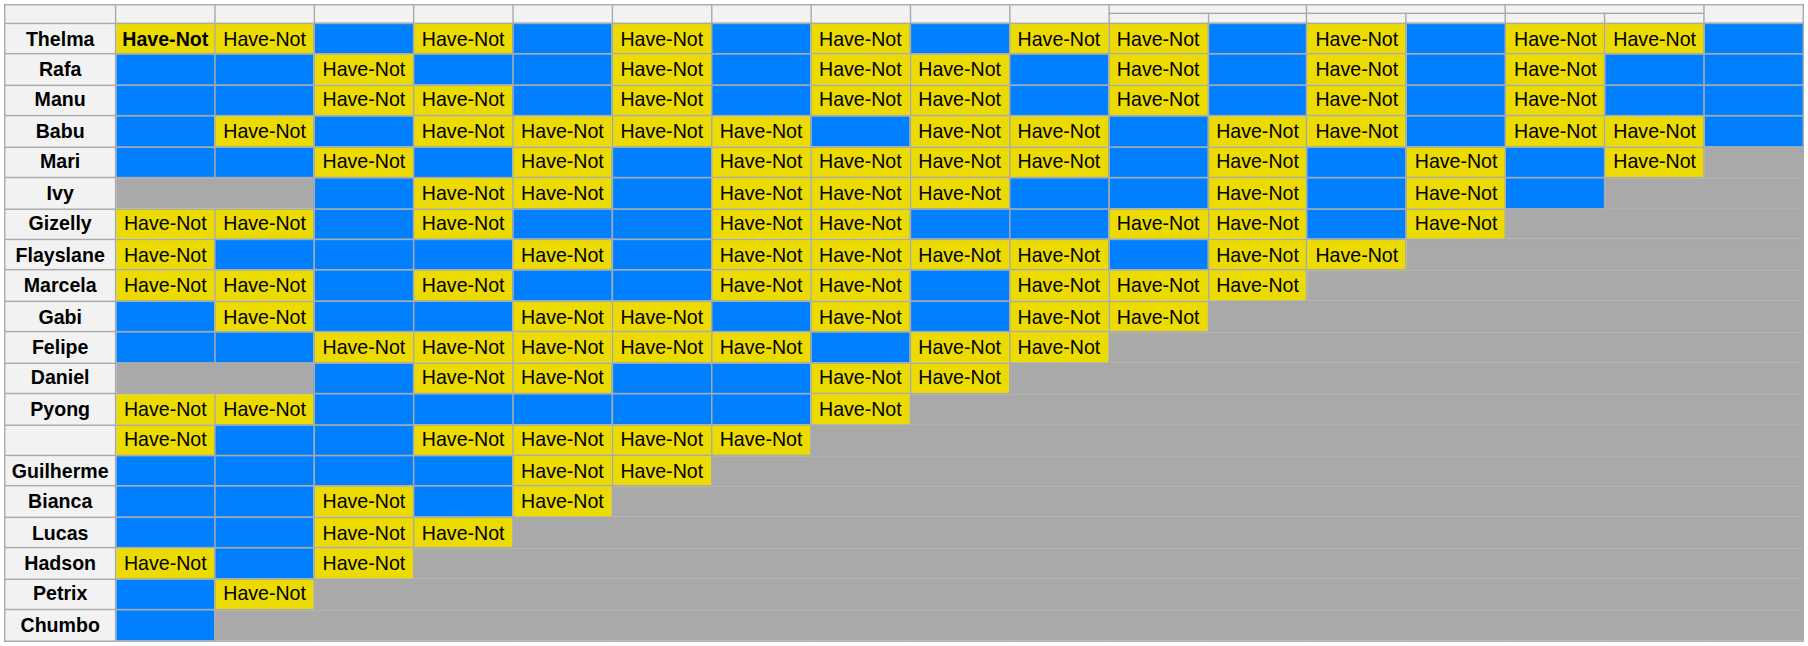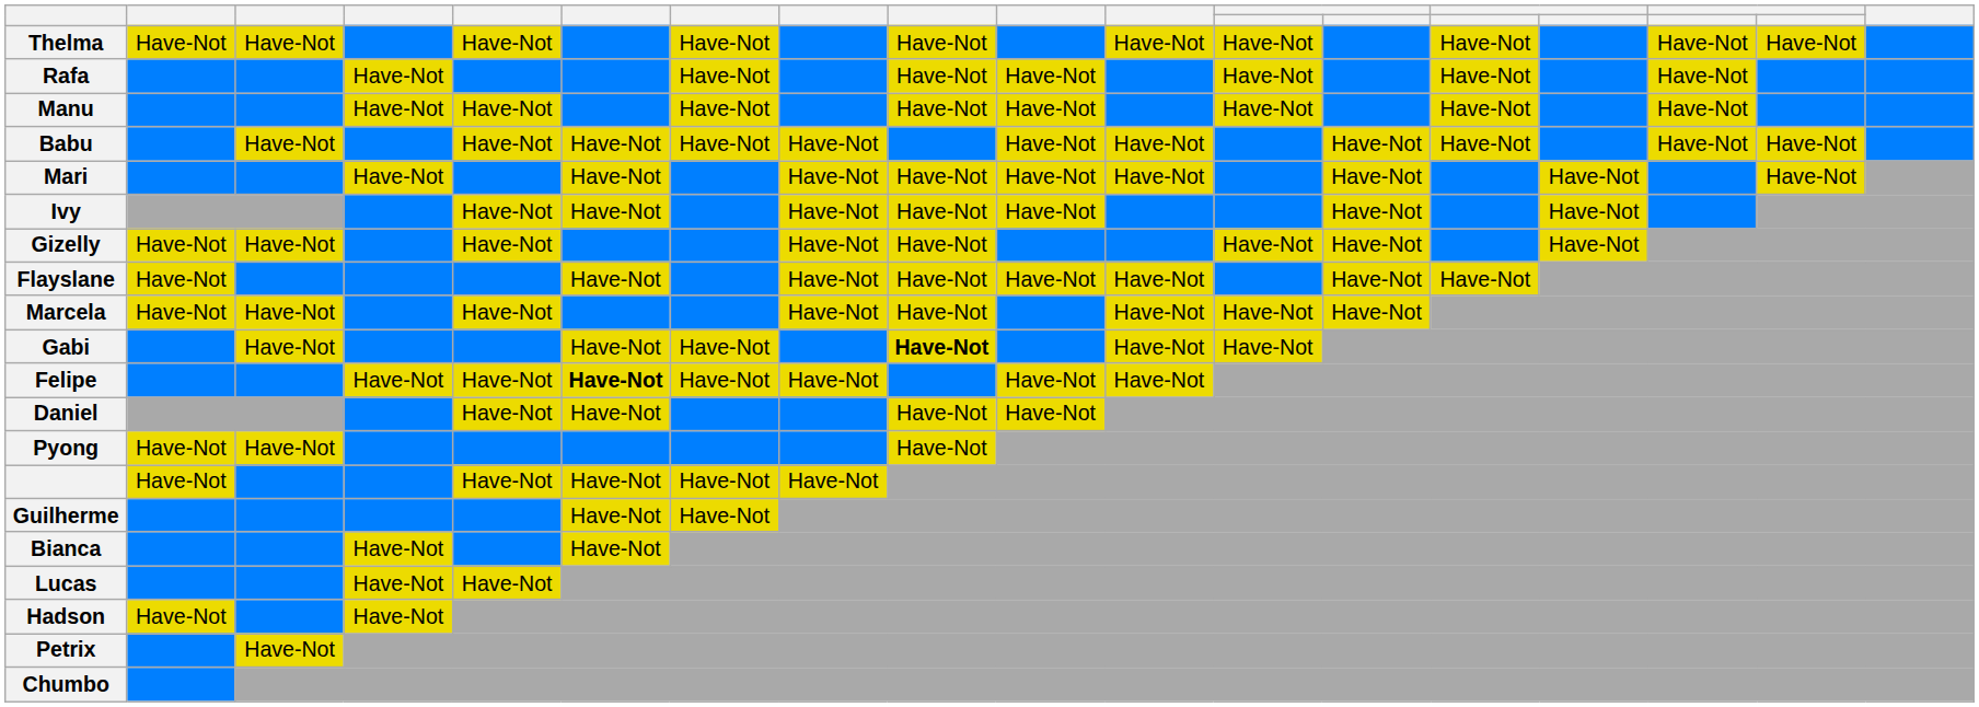 <table class="wikitable" style="text-align:center; font-size:85%; ">
 <tr>
 <th rowspan=2 width=05.25%></th>
 <th rowspan=2 width=05.25%></th>
 <th rowspan=2 width=05.25%></th>
 <th rowspan=2 width=05.25%></th>
 <th rowspan=2 width=05.25%></th>
 <th rowspan=2 width=05.25%></th>
 <th rowspan=2 width=05.25%></th>
 <th rowspan=2 width=05.25%></th>
 <th rowspan=2 width=05.25%></th>
 <th rowspan=2 width=05.25%></th>
 <th rowspan=2 width=05.25%></th>
 <th colspan=2 width=10.50%></th>
 <th colspan=2 width=10.50%></th>
 <th colspan=2 width=10.50%></th>
 <th rowspan=2 width=05.25%></th>
 </tr>
 <tr>
 <th width=5.25%></th>
 <th width=5.25%></th>
 <th width=5.25%></th>
 <th width=5.25%></th>
 <th width=5.25%></th>
 <th width=5.25%></th>
 </tr>
 <tr>
 <th>Thelma</th>
-<td bgcolor=ECDB00><strong>Have-Not</strong></td>
+<td bgcolor=ECDB00>Have-Not</td>
 <td bgcolor=ECDB00>Have-Not</td>
 <td bgcolor=007FFF></td>
 <td bgcolor=ECDB00>Have-Not</td>
 <td bgcolor=007FFF></td>
 <td bgcolor=ECDB00>Have-Not</td>
 <td bgcolor=007FFF></td>
 <td bgcolor=ECDB00>Have-Not</td>
 <td bgcolor=007FFF></td>
 <td bgcolor=ECDB00>Have-Not</td>
 <td bgcolor=ECDB00>Have-Not</td>
 <td bgcolor=007FFF></td>
 <td bgcolor=ECDB00>Have-Not</td>
 <td bgcolor=007FFF></td>
 <td bgcolor=ECDB00>Have-Not</td>
 <td bgcolor=ECDB00>Have-Not</td>
 <td bgcolor=007FFF></td>
 </tr>
 <tr>
 <th>Rafa</th>
 <td bgcolor=007FFF></td>
 <td bgcolor=007FFF></td>
 <td bgcolor=ECDB00>Have-Not</td>
 <td bgcolor=007FFF></td>
 <td bgcolor=007FFF></td>
 <td bgcolor=ECDB00>Have-Not</td>
 <td bgcolor=007FFF></td>
 <td bgcolor=ECDB00>Have-Not</td>
 <td bgcolor=ECDB00>Have-Not</td>
 <td bgcolor=007FFF></td>
 <td bgcolor=ECDB00>Have-Not</td>
 <td bgcolor=007FFF></td>
 <td bgcolor=ECDB00>Have-Not</td>
 <td bgcolor=007FFF></td>
 <td bgcolor=ECDB00>Have-Not</td>
 <td bgcolor=007FFF></td>
 <td bgcolor=007FFF></td>
 </tr>
 <tr>
 <th>Manu</th>
 <td bgcolor=007FFF></td>
 <td bgcolor=007FFF></td>
 <td bgcolor=ECDB00>Have-Not</td>
 <td bgcolor=ECDB00>Have-Not</td>
 <td bgcolor=007FFF></td>
 <td bgcolor=ECDB00>Have-Not</td>
 <td bgcolor=007FFF></td>
 <td bgcolor=ECDB00>Have-Not</td>
 <td bgcolor=ECDB00>Have-Not</td>
 <td bgcolor=007FFF></td>
 <td bgcolor=ECDB00>Have-Not</td>
 <td bgcolor=007FFF></td>
 <td bgcolor=ECDB00>Have-Not</td>
 <td bgcolor=007FFF></td>
 <td bgcolor=ECDB00>Have-Not</td>
 <td bgcolor=007FFF></td>
 <td bgcolor=007FFF></td>
 </tr>
 <tr>
 <th>Babu</th>
 <td bgcolor=007FFF></td>
 <td bgcolor=ECDB00>Have-Not</td>
 <td bgcolor=007FFF></td>
 <td bgcolor=ECDB00>Have-Not</td>
 <td bgcolor=ECDB00>Have-Not</td>
 <td bgcolor=ECDB00>Have-Not</td>
 <td bgcolor=ECDB00>Have-Not</td>
 <td bgcolor=007FFF></td>
 <td bgcolor=ECDB00>Have-Not</td>
 <td bgcolor=ECDB00>Have-Not</td>
 <td bgcolor=007FFF></td>
 <td bgcolor=ECDB00>Have-Not</td>
 <td bgcolor=ECDB00>Have-Not</td>
 <td bgcolor=007FFF></td>
 <td bgcolor=ECDB00>Have-Not</td>
 <td bgcolor=ECDB00>Have-Not</td>
 <td bgcolor=007FFF></td>
 </tr>
 <tr>
 <th>Mari</th>
 <td bgcolor=007FFF></td>
 <td bgcolor=007FFF></td>
 <td bgcolor=ECDB00>Have-Not</td>
 <td bgcolor=007FFF></td>
 <td bgcolor=ECDB00>Have-Not</td>
 <td bgcolor=007FFF></td>
 <td bgcolor=ECDB00>Have-Not</td>
 <td bgcolor=ECDB00>Have-Not</td>
 <td bgcolor=ECDB00>Have-Not</td>
 <td bgcolor=ECDB00>Have-Not</td>
 <td bgcolor=007FFF></td>
 <td bgcolor=ECDB00>Have-Not</td>
 <td bgcolor=007FFF></td>
 <td bgcolor=ECDB00>Have-Not</td>
 <td bgcolor=007FFF></td>
 <td bgcolor=ECDB00>Have-Not</td>
 <td bgcolor=A9A9A9 colspan=2></td>
 </tr>
 <tr>
 <th>Ivy</th>
 <td bgcolor=A9A9A9 colspan=2></td>
 <td bgcolor=007FFF></td>
 <td bgcolor=ECDB00>Have-Not</td>
 <td bgcolor=ECDB00>Have-Not</td>
 <td bgcolor=007FFF></td>
 <td bgcolor=ECDB00>Have-Not</td>
 <td bgcolor=ECDB00>Have-Not</td>
 <td bgcolor=ECDB00>Have-Not</td>
 <td bgcolor=007FFF></td>
 <td bgcolor=007FFF></td>
 <td bgcolor=ECDB00>Have-Not</td>
 <td bgcolor=007FFF></td>
 <td bgcolor=ECDB00>Have-Not</td>
 <td bgcolor=007FFF></td>
 <td bgcolor=A9A9A9 colspan=3></td>
 </tr>
 <tr>
 <th>Gizelly</th>
 <td bgcolor=ECDB00>Have-Not</td>
 <td bgcolor=ECDB00>Have-Not</td>
 <td bgcolor=007FFF></td>
 <td bgcolor=ECDB00>Have-Not</td>
 <td bgcolor=007FFF></td>
 <td bgcolor=007FFF></td>
 <td bgcolor=ECDB00>Have-Not</td>
 <td bgcolor=ECDB00>Have-Not</td>
 <td bgcolor=007FFF></td>
 <td bgcolor=007FFF></td>
 <td bgcolor=ECDB00>Have-Not</td>
 <td bgcolor=ECDB00>Have-Not</td>
 <td bgcolor=007FFF></td>
 <td bgcolor=ECDB00>Have-Not</td>
 <td bgcolor=A9A9A9 colspan=4></td>
 </tr>
 <tr>
 <th>Flayslane</th>
 <td bgcolor=ECDB00>Have-Not</td>
 <td bgcolor=007FFF></td>
 <td bgcolor=007FFF></td>
 <td bgcolor=007FFF></td>
 <td bgcolor=ECDB00>Have-Not</td>
 <td bgcolor=007FFF></td>
 <td bgcolor=ECDB00>Have-Not</td>
 <td bgcolor=ECDB00>Have-Not</td>
 <td bgcolor=ECDB00>Have-Not</td>
 <td bgcolor=ECDB00>Have-Not</td>
 <td bgcolor=007FFF></td>
 <td bgcolor=ECDB00>Have-Not</td>
 <td bgcolor=ECDB00>Have-Not</td>
 <td bgcolor=A9A9A9 colspan=5></td>
 </tr>
 <tr>
 <th>Marcela</th>
 <td bgcolor=ECDB00>Have-Not</td>
 <td bgcolor=ECDB00>Have-Not</td>
 <td bgcolor=007FFF></td>
 <td bgcolor=ECDB00>Have-Not</td>
 <td bgcolor=007FFF></td>
 <td bgcolor=007FFF></td>
 <td bgcolor=ECDB00>Have-Not</td>
 <td bgcolor=ECDB00>Have-Not</td>
 <td bgcolor=007FFF></td>
 <td bgcolor=ECDB00>Have-Not</td>
 <td bgcolor=ECDB00>Have-Not</td>
 <td bgcolor=ECDB00>Have-Not</td>
 <td bgcolor=A9A9A9 colspan=6></td>
 </tr>
 <tr>
 <th>Gabi</th>
 <td bgcolor=007FFF></td>
 <td bgcolor=ECDB00>Have-Not</td>
 <td bgcolor=007FFF></td>
 <td bgcolor=007FFF></td>
 <td bgcolor=ECDB00>Have-Not</td>
 <td bgcolor=ECDB00>Have-Not</td>
 <td bgcolor=007FFF></td>
-<td bgcolor=ECDB00>Have-Not</td>
+<td bgcolor=ECDB00><strong>Have-Not</strong></td>
 <td bgcolor=007FFF></td>
 <td bgcolor=ECDB00>Have-Not</td>
 <td bgcolor=ECDB00>Have-Not</td>
 <td bgcolor=A9A9A9 colspan=7></td>
 </tr>
 <tr>
 <th>Felipe</th>
 <td bgcolor=007FFF></td>
 <td bgcolor=007FFF></td>
 <td bgcolor=ECDB00>Have-Not</td>
 <td bgcolor=ECDB00>Have-Not</td>
-<td bgcolor=ECDB00>Have-Not</td>
+<td bgcolor=ECDB00><strong>Have-Not</strong></td>
 <td bgcolor=ECDB00>Have-Not</td>
 <td bgcolor=ECDB00>Have-Not</td>
 <td bgcolor=007FFF></td>
 <td bgcolor=ECDB00>Have-Not</td>
 <td bgcolor=ECDB00>Have-Not</td>
 <td bgcolor=A9A9A9 colspan=8></td>
 </tr>
 <tr>
 <th>Daniel</th>
 <td bgcolor=A9A9A9 colspan=2></td>
 <td bgcolor=007FFF></td>
 <td bgcolor=ECDB00>Have-Not</td>
 <td bgcolor=ECDB00>Have-Not</td>
 <td bgcolor=007FFF></td>
 <td bgcolor=007FFF></td>
 <td bgcolor=ECDB00>Have-Not</td>
 <td bgcolor=ECDB00>Have-Not</td>
 <td bgcolor=A9A9A9 colspan=9></td>
 </tr>
 <tr>
 <th>Pyong</th>
 <td bgcolor=ECDB00>Have-Not</td>
 <td bgcolor=ECDB00>Have-Not</td>
 <td bgcolor=007FFF></td>
 <td bgcolor=007FFF></td>
 <td bgcolor=007FFF></td>
 <td bgcolor=007FFF></td>
 <td bgcolor=007FFF></td>
 <td bgcolor=ECDB00>Have-Not</td>
 <td bgcolor=A9A9A9 colspan=10></td>
 </tr>
 <tr>
 <th></th>
 <td bgcolor=ECDB00>Have-Not</td>
 <td bgcolor=007FFF></td>
 <td bgcolor=007FFF></td>
 <td bgcolor=ECDB00>Have-Not</td>
 <td bgcolor=ECDB00>Have-Not</td>
 <td bgcolor=ECDB00>Have-Not</td>
 <td bgcolor=ECDB00>Have-Not</td>
 <td bgcolor=A9A9A9 colspan=11></td>
 </tr>
 <tr>
 <th>Guilherme</th>
 <td bgcolor=007FFF></td>
 <td bgcolor=007FFF></td>
 <td bgcolor=007FFF></td>
 <td bgcolor=007FFF></td>
 <td bgcolor=ECDB00>Have-Not</td>
 <td bgcolor=ECDB00>Have-Not</td>
 <td bgcolor=A9A9A9 colspan=12></td>
 </tr>
 <tr>
 <th>Bianca</th>
 <td bgcolor=007FFF></td>
 <td bgcolor=007FFF></td>
 <td bgcolor=ECDB00>Have-Not</td>
 <td bgcolor=007FFF></td>
 <td bgcolor=ECDB00>Have-Not</td>
 <td bgcolor=A9A9A9 colspan=13></td>
 </tr>
 <tr>
 <th>Lucas</th>
 <td bgcolor=007FFF></td>
 <td bgcolor=007FFF></td>
 <td bgcolor=ECDB00>Have-Not</td>
 <td bgcolor=ECDB00>Have-Not</td>
 <td bgcolor=A9A9A9 colspan=14></td>
 </tr>
 <tr>
 <th>Hadson</th>
 <td bgcolor=ECDB00>Have-Not</td>
 <td bgcolor=007FFF></td>
 <td bgcolor=ECDB00>Have-Not</td>
 <td bgcolor=A9A9A9 colspan=15></td>
 </tr>
 <tr>
 <th>Petrix</th>
 <td bgcolor=007FFF></td>
 <td bgcolor=ECDB00>Have-Not</td>
 <td bgcolor=A9A9A9 colspan=16></td>
 </tr>
 <tr>
 <th>Chumbo</th>
 <td bgcolor=007FFF></td>
 <td bgcolor=A9A9A9 colspan=17></td>
 </tr>
 </table>
